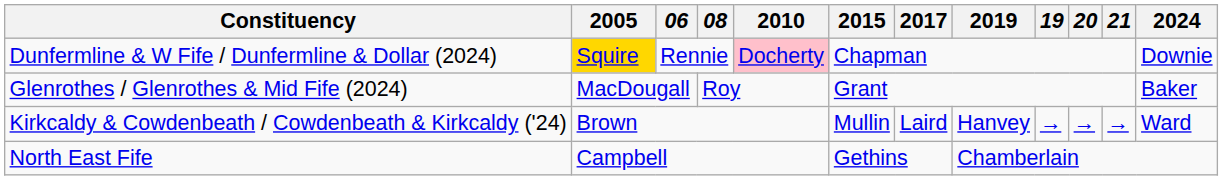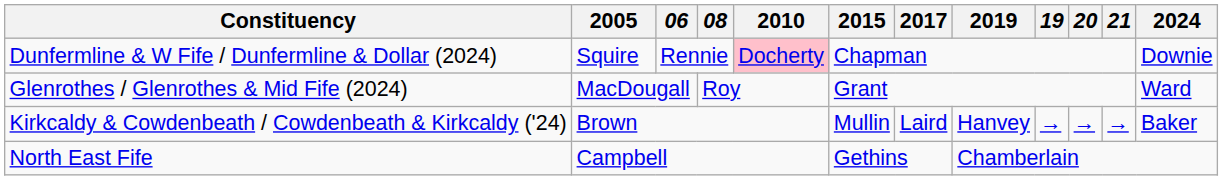 <table class="wikitable">
 <tr>
 <th>Constituency</th>
 <th>2005</th>
 <th><em>06</em></th>
 <th><em>08</em></th>
 <th>2010</th>
 <th>2015</th>
 <th>2017</th>
 <th>2019</th>
 <th><em>19</em></th>
 <th><em>20</em></th>
 <th><em>21</em></th>
 <th>2024</th>
 </tr>
 <tr>
 <td><a href='#'>Dunfermline & W Fife</a> / <a href='#'>Dunfermline & Dollar</a> (2024)</td>
-<td style="background: gold;"><a href='#'>Squire</a></td>
+<td><a href='#'>Squire</a></td>
 <td colspan="2"><a href='#'>Rennie</a></td>
 <td style="background: pink;"><a href='#'>Docherty</a></td>
 <td colspan="6"><a href='#'>Chapman</a></td>
 <td><a href='#'>Downie</a></td>
 </tr>
 <tr>
 <td><a href='#'>Glenrothes</a> / <a href='#'>Glenrothes & Mid Fife</a> (2024)</td>
 <td colspan="2"><a href='#'>MacDougall</a></td>
 <td colspan="2"><a href='#'>Roy</a></td>
 <td colspan="6"><a href='#'>Grant</a></td>
-<td><a href='#'>Baker</a></td>
+<td><a href='#'>Ward</a></td>
 </tr>
 <tr>
 <td><a href='#'>Kirkcaldy & Cowdenbeath</a> / <a href='#'>Cowdenbeath & Kirkcaldy</a> ('24)</td>
 <td colspan="4"><a href='#'>Brown</a></td>
 <td><a href='#'>Mullin</a></td>
 <td><a href='#'>Laird</a></td>
 <td><a href='#'>Hanvey</a></td>
 <td><a href='#'>→</a></td>
 <td><a href='#'>→</a></td>
 <td><a href='#'>→</a></td>
-<td><a href='#'>Ward</a></td>
+<td><a href='#'>Baker</a></td>
 </tr>
 <tr>
 <td><a href='#'>North East Fife</a></td>
 <td colspan="4"><a href='#'>Campbell</a></td>
 <td colspan="2"><a href='#'>Gethins</a></td>
 <td colspan="5"><a href='#'>Chamberlain</a></td>
 </tr>
 </table>
